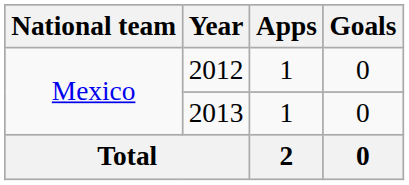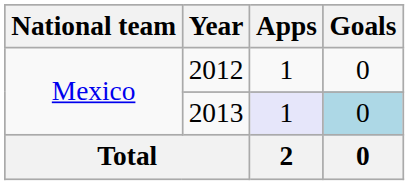 <table class="wikitable" style="text-align: center;">
 <tr>
 <th>National team</th>
 <th>Year</th>
 <th>Apps</th>
 <th>Goals</th>
 </tr>
 <tr>
 <td rowspan="2" valign="center"><a href='#'>Mexico</a></td>
 <td>2012</td>
 <td>1</td>
 <td>0</td>
 </tr>
 <tr>
 <td>2013</td>
-<td>1</td>
-<td>0</td>
+<td style="background: lavender;">1</td>
+<td style="background: lightblue;">0</td>
 </tr>
 <tr>
 <th colspan="2">Total</th>
 <th>2</th>
 <th>0</th>
 </tr>
 </table>
